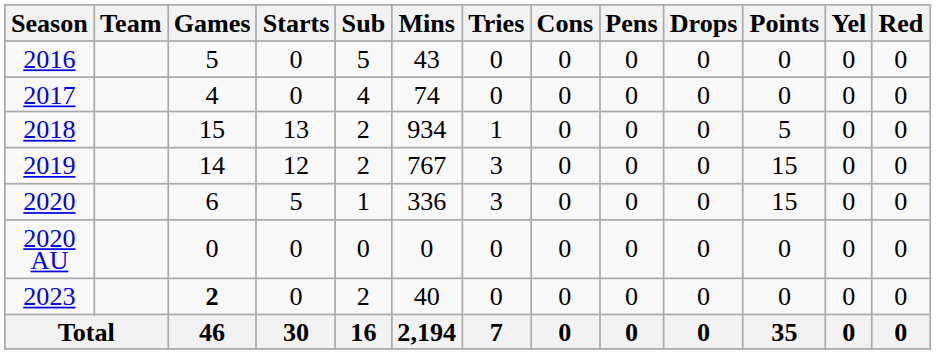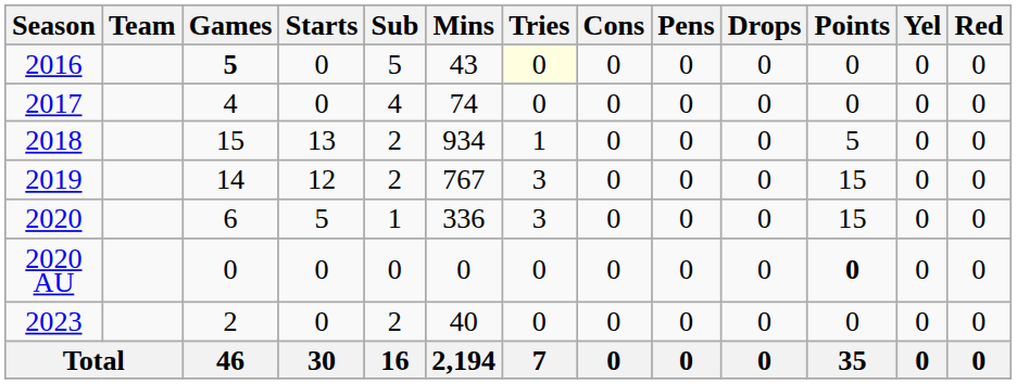 <table class="wikitable" style="text-align:center; line-height:90%; font-size:95%; width:60%;">
 <tr>
 <th>Season</th>
 <th>Team</th>
 <th>Games</th>
 <th>Starts</th>
 <th>Sub</th>
 <th>Mins</th>
 <th>Tries</th>
 <th>Cons</th>
 <th>Pens</th>
 <th>Drops</th>
 <th>Points</th>
 <th>Yel</th>
 <th>Red</th>
 </tr>
 <tr>
 <td><a href='#'>2016</a></td>
 <td></td>
-<td>5</td>
+<td><strong>5</strong></td>
 <td>0</td>
 <td>5</td>
 <td>43</td>
-<td>0</td>
+<td style="background: lightyellow;">0</td>
 <td>0</td>
 <td>0</td>
 <td>0</td>
 <td>0</td>
 <td>0</td>
 <td>0</td>
 </tr>
 <tr>
 <td><a href='#'>2017</a></td>
 <td></td>
 <td>4</td>
 <td>0</td>
 <td>4</td>
 <td>74</td>
 <td>0</td>
 <td>0</td>
 <td>0</td>
 <td>0</td>
 <td>0</td>
 <td>0</td>
 <td>0</td>
 </tr>
 <tr>
 <td><a href='#'>2018</a></td>
 <td></td>
 <td>15</td>
 <td>13</td>
 <td>2</td>
 <td>934</td>
 <td>1</td>
 <td>0</td>
 <td>0</td>
 <td>0</td>
 <td>5</td>
 <td>0</td>
 <td>0</td>
 </tr>
 <tr>
 <td><a href='#'>2019</a></td>
 <td></td>
 <td>14</td>
 <td>12</td>
 <td>2</td>
 <td>767</td>
 <td>3</td>
 <td>0</td>
 <td>0</td>
 <td>0</td>
 <td>15</td>
 <td>0</td>
 <td>0</td>
 </tr>
 <tr>
 <td><a href='#'>2020</a></td>
 <td></td>
 <td>6</td>
 <td>5</td>
 <td>1</td>
 <td>336</td>
 <td>3</td>
 <td>0</td>
 <td>0</td>
 <td>0</td>
 <td>15</td>
 <td>0</td>
 <td>0</td>
 </tr>
 <tr>
 <td><a href='#'>2020 AU</a></td>
 <td></td>
 <td>0</td>
 <td>0</td>
 <td>0</td>
 <td>0</td>
 <td>0</td>
 <td>0</td>
 <td>0</td>
 <td>0</td>
-<td>0</td>
+<td><strong>0</strong></td>
 <td>0</td>
 <td>0</td>
 </tr>
 <tr>
 <td><a href='#'>2023</a></td>
 <td></td>
-<td><strong>2</strong></td>
+<td>2</td>
 <td>0</td>
 <td>2</td>
 <td>40</td>
 <td>0</td>
 <td>0</td>
 <td>0</td>
 <td>0</td>
 <td>0</td>
 <td>0</td>
 <td>0</td>
 </tr>
 <tr>
 <th colspan="2">Total</th>
 <th>46</th>
 <th>30</th>
 <th>16</th>
 <th>2,194</th>
 <th>7</th>
 <th>0</th>
 <th>0</th>
 <th>0</th>
 <th>35</th>
 <th>0</th>
 <th>0</th>
 </tr>
 </table>
